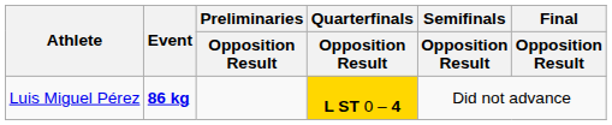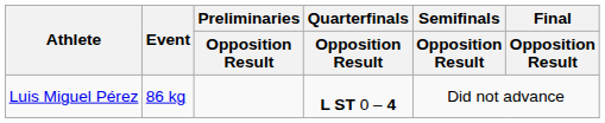 <table class="wikitable" border="1" style="font-size:90%">
 <tr>
 <th rowspan=2>Athlete</th>
 <th rowspan=2>Event</th>
 <th>Preliminaries</th>
 <th>Quarterfinals</th>
 <th>Semifinals</th>
 <th>Final</th>
 </tr>
 <tr>
 <th>Opposition<br>Result</th>
 <th>Opposition<br>Result</th>
 <th>Opposition<br>Result</th>
 <th>Opposition<br>Result</th>
 </tr>
 <tr>
 <td><a href='#'>Luis Miguel Pérez</a></td>
-<td><strong><a href='#'>86 kg</a></strong></td>
+<td><a href='#'>86 kg</a></td>
 <td></td>
-<td align=center style="background: gold;"><br><strong>L ST</strong> 0 – <strong>4</strong></td>
+<td align=center><br><strong>L ST</strong> 0 – <strong>4</strong></td>
 <td align=center colspan=2>Did not advance</td>
 </tr>
 </table>
